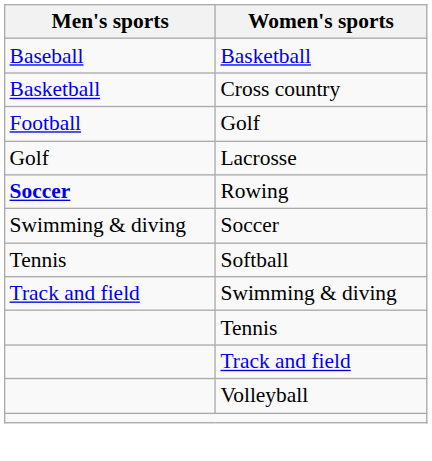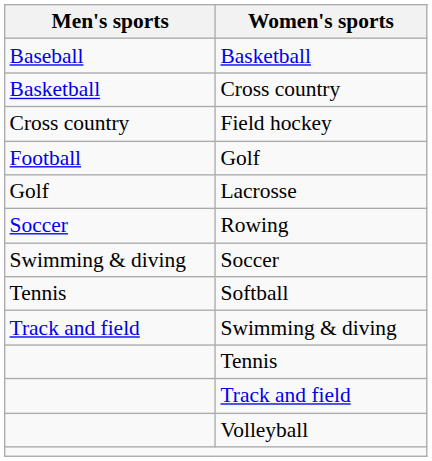 <table class="wikitable" style="">
 <tr>
 <th width=150px>Men's sports</th>
 <th width=150px>Women's sports</th>
 </tr>
 <tr>
 <td><a href='#'>Baseball</a></td>
 <td><a href='#'>Basketball</a></td>
 </tr>
 <tr>
 <td><a href='#'>Basketball</a></td>
 <td>Cross country</td>
 </tr>
 <tr>
+<td>Cross country</td>
+<td>Field hockey</td>
+</tr>
+<tr>
 <td><a href='#'>Football</a></td>
 <td>Golf</td>
 </tr>
 <tr>
 <td>Golf</td>
 <td>Lacrosse</td>
 </tr>
 <tr>
-<td><strong><a href='#'>Soccer</a></strong></td>
+<td><a href='#'>Soccer</a></td>
 <td>Rowing</td>
 </tr>
 <tr>
 <td>Swimming & diving</td>
 <td>Soccer</td>
 </tr>
 <tr>
 <td>Tennis</td>
 <td>Softball</td>
 </tr>
 <tr>
 <td><a href='#'>Track and field</a></td>
 <td>Swimming & diving</td>
 </tr>
 <tr>
 <td></td>
 <td>Tennis</td>
 </tr>
 <tr>
 <td></td>
 <td><a href='#'>Track and field</a></td>
 </tr>
 <tr>
 <td></td>
 <td>Volleyball</td>
 </tr>
 <tr>
 <td colspan="2"></td>
 </tr>
 </table>
